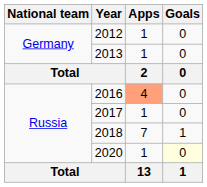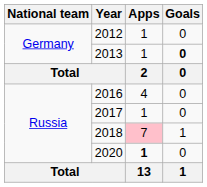 <table class="wikitable" style="text-align:center">
 <tr>
 <th>National team</th>
 <th>Year</th>
 <th>Apps</th>
 <th>Goals</th>
 </tr>
 <tr>
 <td rowspan="2"><a href='#'>Germany</a></td>
 <td>2012</td>
 <td>1</td>
 <td>0</td>
 </tr>
 <tr>
 <td>2013</td>
 <td>1</td>
-<td>0</td>
+<td><strong>0</strong></td>
 </tr>
 <tr>
 <th colspan="2">Total</th>
 <th>2</th>
 <th>0</th>
 </tr>
 <tr>
 <td rowspan="4"><a href='#'>Russia</a></td>
 <td>2016</td>
-<td style="background: lightsalmon;">4</td>
+<td>4</td>
 <td>0</td>
 </tr>
 <tr>
 <td>2017</td>
 <td>1</td>
 <td>0</td>
 </tr>
 <tr>
 <td>2018</td>
-<td>7</td>
+<td style="background: pink;">7</td>
 <td>1</td>
 </tr>
 <tr>
 <td>2020</td>
-<td>1</td>
-<td style="background: lightyellow;">0</td>
+<td><strong>1</strong></td>
+<td>0</td>
 </tr>
 <tr>
 <th colspan="2">Total</th>
 <th>13</th>
 <th>1</th>
 </tr>
 </table>
